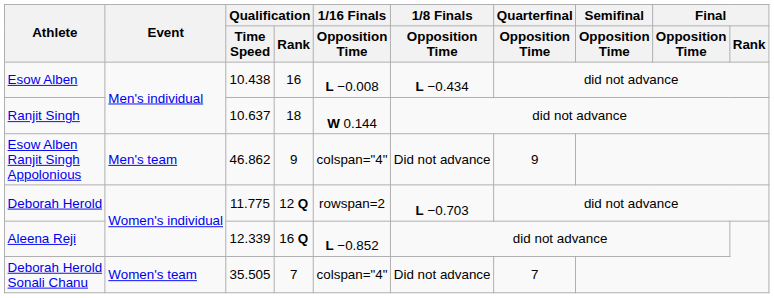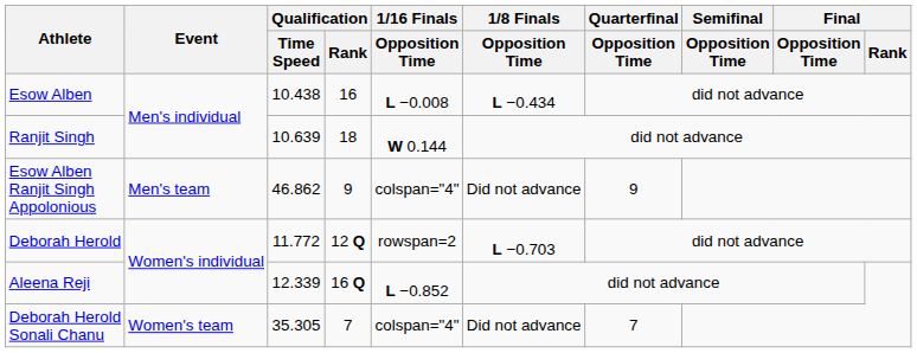 <table class=wikitable style="text-align:center; font-size:90%">
 <tr>
 <th rowspan=2>Athlete</th>
 <th rowspan=2>Event</th>
 <th colspan=2>Qualification</th>
 <th>1/16 Finals</th>
 <th>1/8 Finals</th>
 <th>Quarterfinal</th>
 <th>Semifinal</th>
 <th colspan="2">Final</th>
 </tr>
 <tr>
 <th>Time<br>Speed</th>
 <th>Rank</th>
 <th>Opposition<br>Time</th>
 <th>Opposition<br>Time</th>
 <th>Opposition<br>Time</th>
 <th>Opposition<br>Time</th>
 <th>Opposition<br>Time</th>
 <th>Rank</th>
 </tr>
 <tr>
 <td align=left><a href='#'>Esow Alben</a></td>
 <td align=left rowspan="2"><a href='#'>Men's individual</a></td>
 <td>10.438</td>
 <td>16</td>
 <td><br><strong>L</strong> −0.008</td>
 <td><br><strong>L</strong> −0.434</td>
 <td colspan=4>did not advance</td>
 </tr>
 <tr>
 <td align=left><a href='#'>Ranjit Singh</a></td>
-<td>10.637</td>
+<td>10.639</td>
 <td>18</td>
 <td><br><strong>W</strong> 0.144</td>
 <td colspan=5>did not advance</td>
 </tr>
 <tr>
 <td align=left><a href='#'>Esow Alben</a><br><a href='#'>Ranjit Singh</a><br><a href='#'>Appolonious</a></td>
 <td align=left><a href='#'>Men's team</a></td>
 <td>46.862</td>
 <td>9</td>
 <td>colspan="4" </td>
 <td>Did not advance</td>
 <td>9</td>
 </tr>
 <tr>
 <td align=left><a href='#'>Deborah Herold</a></td>
 <td align=left rowspan="2"><a href='#'>Women's individual</a></td>
-<td>11.775</td>
+<td>11.772</td>
 <td>12 <strong>Q</strong></td>
 <td>rowspan=2 </td>
 <td><br><strong>L</strong> −0.703</td>
 <td colspan="4">did not advance</td>
 </tr>
 <tr>
 <td align=left><a href='#'>Aleena Reji</a></td>
 <td>12.339</td>
 <td>16 <strong>Q</strong></td>
 <td><br><strong>L</strong> −0.852</td>
 <td colspan="4">did not advance</td>
 </tr>
 <tr>
 <td align=left><a href='#'>Deborah Herold</a><br><a href='#'>Sonali Chanu</a></td>
 <td align=left><a href='#'>Women's team</a></td>
-<td>35.505</td>
+<td>35.305</td>
 <td>7</td>
 <td>colspan="4" </td>
 <td>Did not advance</td>
 <td>7</td>
 </tr>
 </table>
